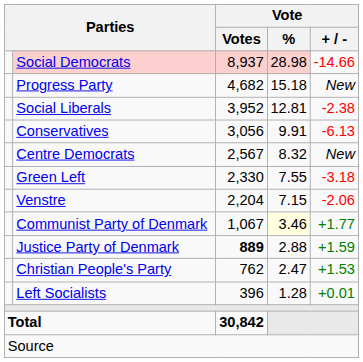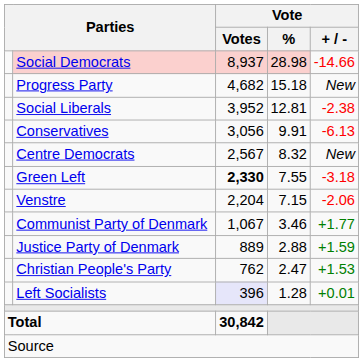 <table class="wikitable" style="text-align:right;">
 <tr>
 <th style="text-align:centre;" rowspan="2" colspan="2" width="225">Parties</th>
 <th colspan="3">Vote</th>
 </tr>
 <tr>
 <th width="15">Votes</th>
 <th width="15">%</th>
 <th width="15">+ / -</th>
 </tr>
 <tr>
 <td width="2" style="color:inherit;background:"></td>
 <td bgcolor=#fbd0ce  align="left"><a href='#'>Social Democrats</a></td>
 <td bgcolor=#fbd0ce>8,937</td>
 <td bgcolor=#fbd0ce>28.98</td>
 <td style=color:red;>-14.66</td>
 </tr>
 <tr>
 <td width="2" style="color:inherit;background:"></td>
 <td align="left"><a href='#'>Progress Party</a></td>
 <td>4,682</td>
 <td>15.18</td>
 <td><em>New</em></td>
 </tr>
 <tr>
 <td width="2" style="color:inherit;background:"></td>
 <td align="left"><a href='#'>Social Liberals</a></td>
 <td>3,952</td>
 <td>12.81</td>
 <td style=color:red;>-2.38</td>
 </tr>
 <tr>
 <td width="2" style="color:inherit;background:"></td>
 <td align="left"><a href='#'>Conservatives</a></td>
 <td>3,056</td>
 <td>9.91</td>
 <td style=color:red;>-6.13</td>
 </tr>
 <tr>
 <td width="2" style="color:inherit;background:"></td>
 <td align="left"><a href='#'>Centre Democrats</a></td>
 <td>2,567</td>
 <td>8.32</td>
 <td><em>New</em></td>
 </tr>
 <tr>
 <td width="2" style="color:inherit;background:"></td>
 <td align="left"><a href='#'>Green Left</a></td>
-<td>2,330</td>
+<td><strong>2,330</strong></td>
 <td>7.55</td>
 <td style=color:red;>-3.18</td>
 </tr>
 <tr>
 <td width="2" style="color:inherit;background:"></td>
 <td align="left"><a href='#'>Venstre</a></td>
 <td>2,204</td>
 <td>7.15</td>
 <td style=color:red;>-2.06</td>
 </tr>
 <tr>
 <td width="2" style="color:inherit;background:"></td>
 <td align="left"><a href='#'>Communist Party of Denmark</a></td>
 <td>1,067</td>
-<td style="background: lightyellow;">3.46</td>
+<td>3.46</td>
 <td style=color:green;>+1.77</td>
 </tr>
 <tr>
 <td width="2" style="color:inherit;background:"></td>
 <td align="left"><a href='#'>Justice Party of Denmark</a></td>
-<td><strong>889</strong></td>
+<td>889</td>
 <td>2.88</td>
 <td style=color:green;>+1.59</td>
 </tr>
 <tr>
 <td width="2" style="color:inherit;background:"></td>
 <td align="left"><a href='#'>Christian People's Party</a></td>
 <td>762</td>
 <td>2.47</td>
 <td style=color:green;>+1.53</td>
 </tr>
 <tr>
 <td width="2" style="color:inherit;background:"></td>
 <td align="left"><a href='#'>Left Socialists</a></td>
-<td>396</td>
+<td style="background: lavender;">396</td>
 <td>1.28</td>
 <td style=color:green;>+0.01</td>
 </tr>
 <tr>
 <td colspan="7" bgcolor="#E9E9E9"></td>
 </tr>
 <tr>
 <td align="left" colspan="2"><strong>Total</strong></td>
 <td><strong>30,842</strong></td>
 <td bgcolor="#E9E9E9" colspan="2"></td>
 </tr>
 <tr>
 <td align="left" colspan="6">Source</td>
 </tr>
 </table>
